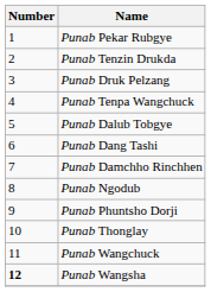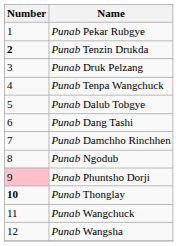 <table class=wikitable style="font-size: 85%;">
 <tr>
 <th>Number</th>
 <th>Name</th>
 </tr>
 <tr>
 <td>1</td>
 <td><em>Punab</em> Pekar Rubgye</td>
 </tr>
 <tr>
-<td>2</td>
+<td><strong>2</strong></td>
 <td><em>Punab</em> Tenzin Drukda</td>
 </tr>
 <tr>
 <td>3</td>
 <td><em>Punab</em> Druk Pelzang</td>
 </tr>
 <tr>
 <td>4</td>
 <td><em>Punab</em> Tenpa Wangchuck</td>
 </tr>
 <tr>
 <td>5</td>
 <td><em>Punab</em> Dalub Tobgye</td>
 </tr>
 <tr>
 <td>6</td>
 <td><em>Punab</em> Dang Tashi</td>
 </tr>
 <tr>
 <td>7</td>
 <td><em>Punab</em> Damchho Rinchhen</td>
 </tr>
 <tr>
 <td>8</td>
 <td><em>Punab</em> Ngodub</td>
 </tr>
 <tr>
-<td>9</td>
+<td style="background: pink;">9</td>
 <td><em>Punab</em> Phuntsho Dorji</td>
 </tr>
 <tr>
-<td>10</td>
+<td><strong>10</strong></td>
 <td><em>Punab</em> Thonglay</td>
 </tr>
 <tr>
 <td>11</td>
 <td><em>Punab</em> Wangchuck</td>
 </tr>
 <tr>
-<td><strong>12</strong></td>
+<td>12</td>
 <td><em>Punab</em> Wangsha</td>
 </tr>
 <tr>
 </tr>
 </table>
